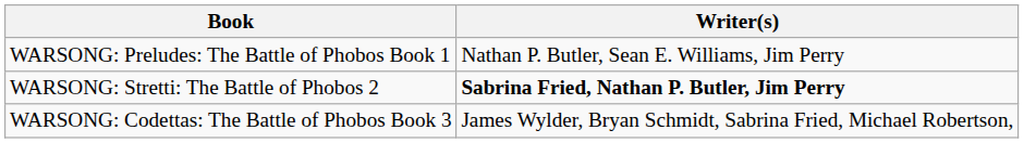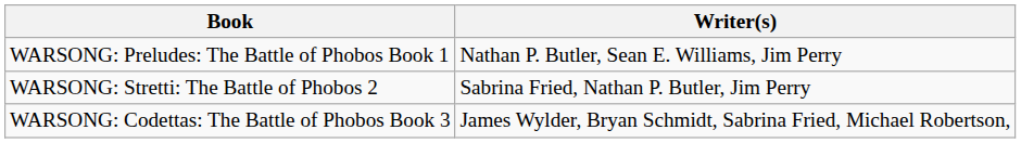 <table class="wikitable">
 <tr>
 <th>Book</th>
 <th>Writer(s)</th>
 </tr>
 <tr>
 <td>WARSONG: Preludes: The Battle of Phobos Book 1</td>
 <td>Nathan P. Butler, Sean E. Williams, Jim Perry</td>
 </tr>
 <tr>
 <td>WARSONG: Stretti: The Battle of Phobos 2</td>
-<td><strong>Sabrina Fried, Nathan P. Butler, Jim Perry</strong></td>
+<td>Sabrina Fried, Nathan P. Butler, Jim Perry</td>
 </tr>
 <tr>
 <td>WARSONG: Codettas: The Battle of Phobos Book 3</td>
 <td>James Wylder, Bryan Schmidt, Sabrina Fried, Michael Robertson,</td>
 </tr>
 </table>
